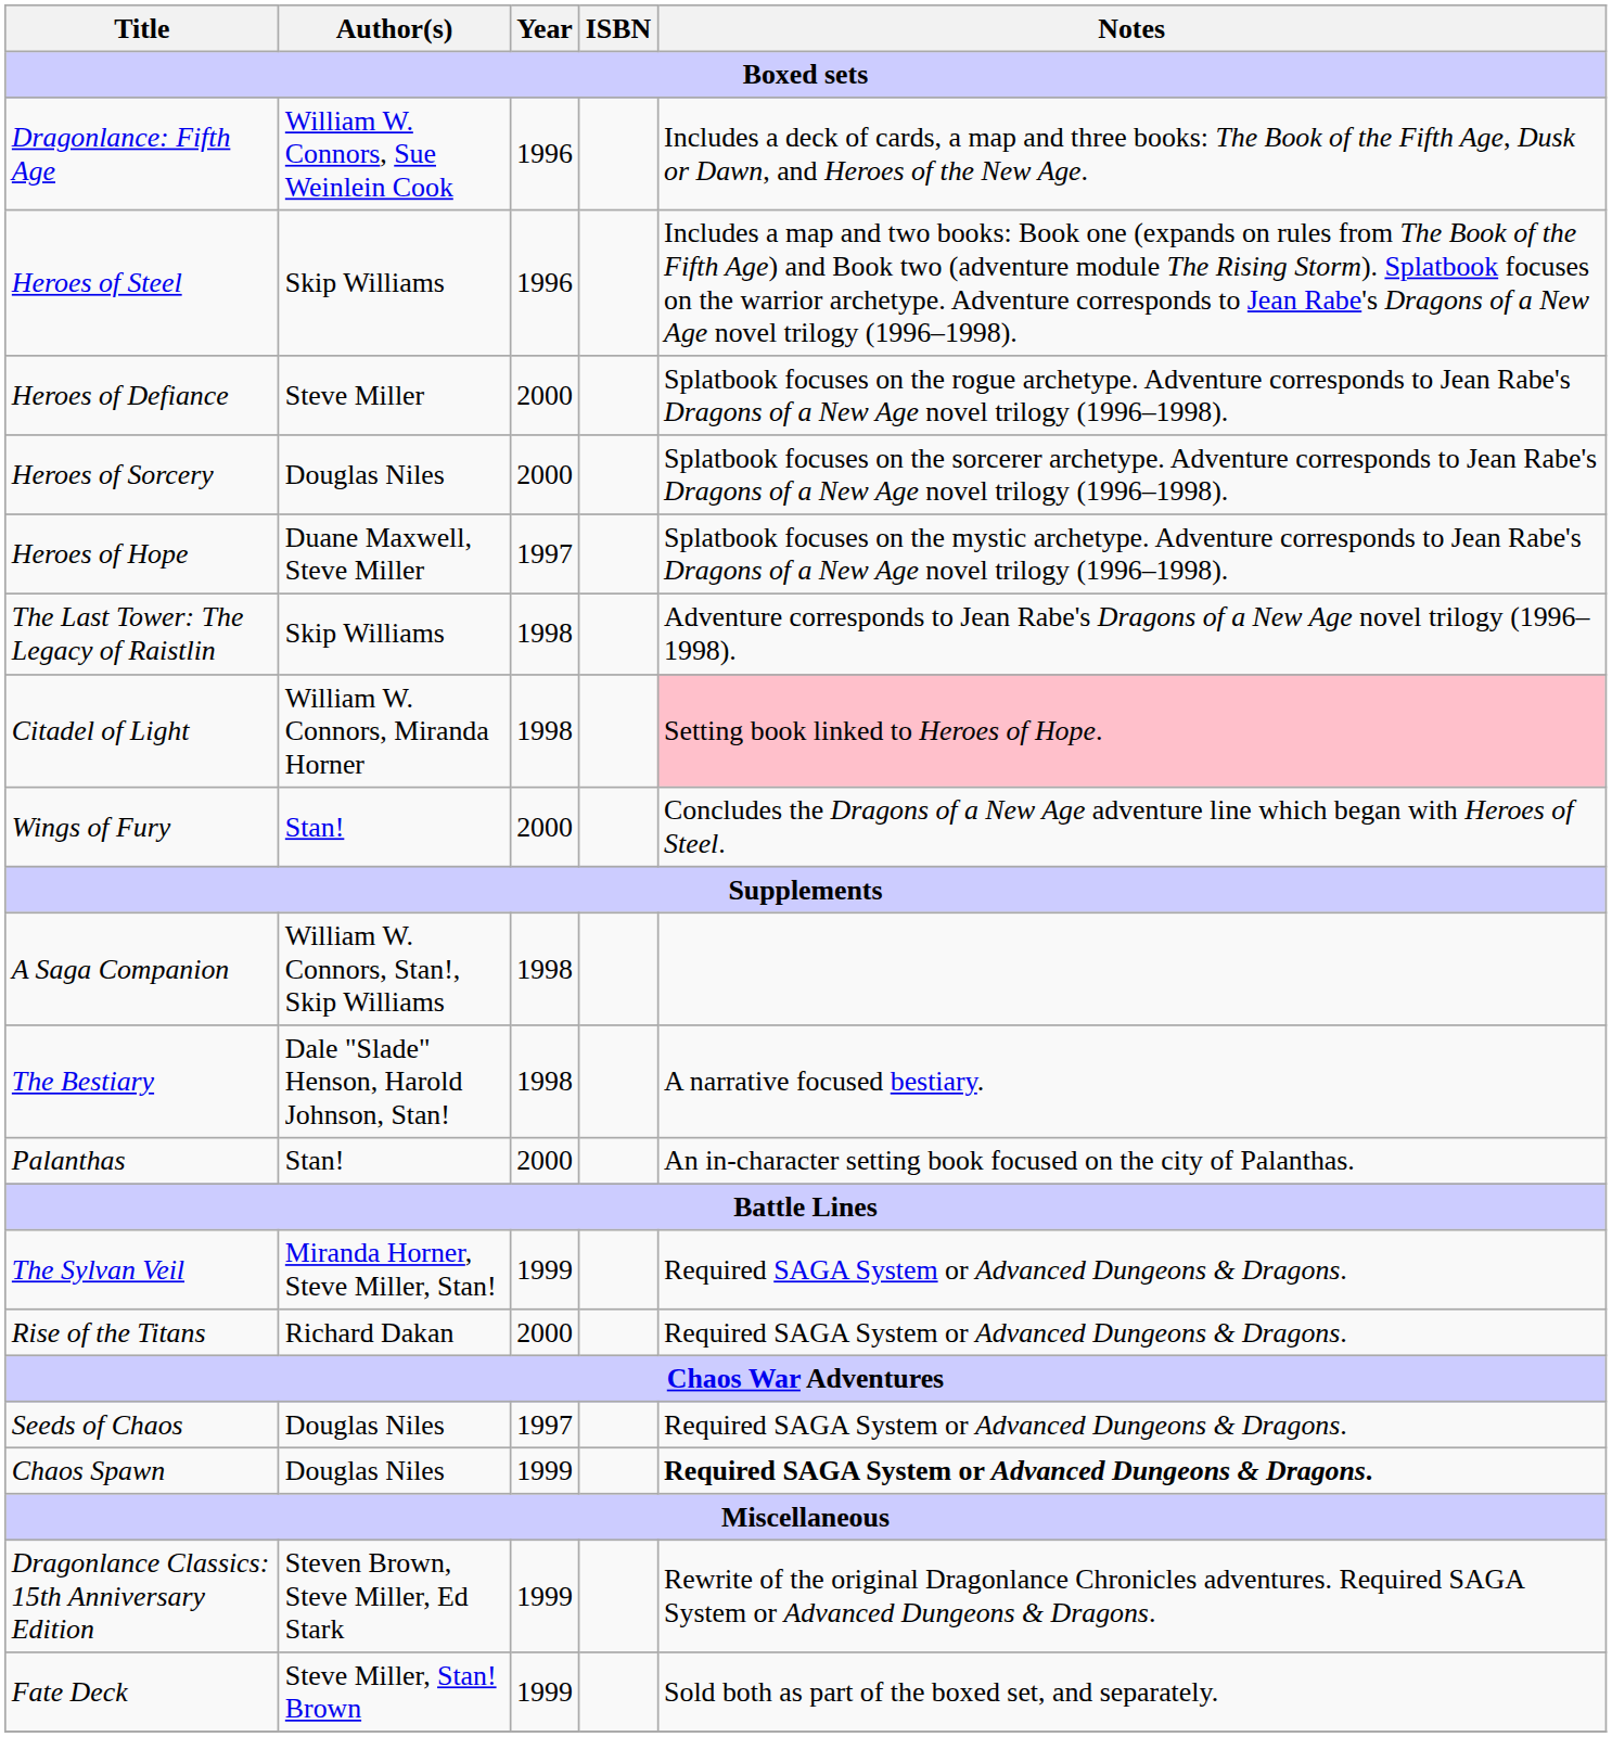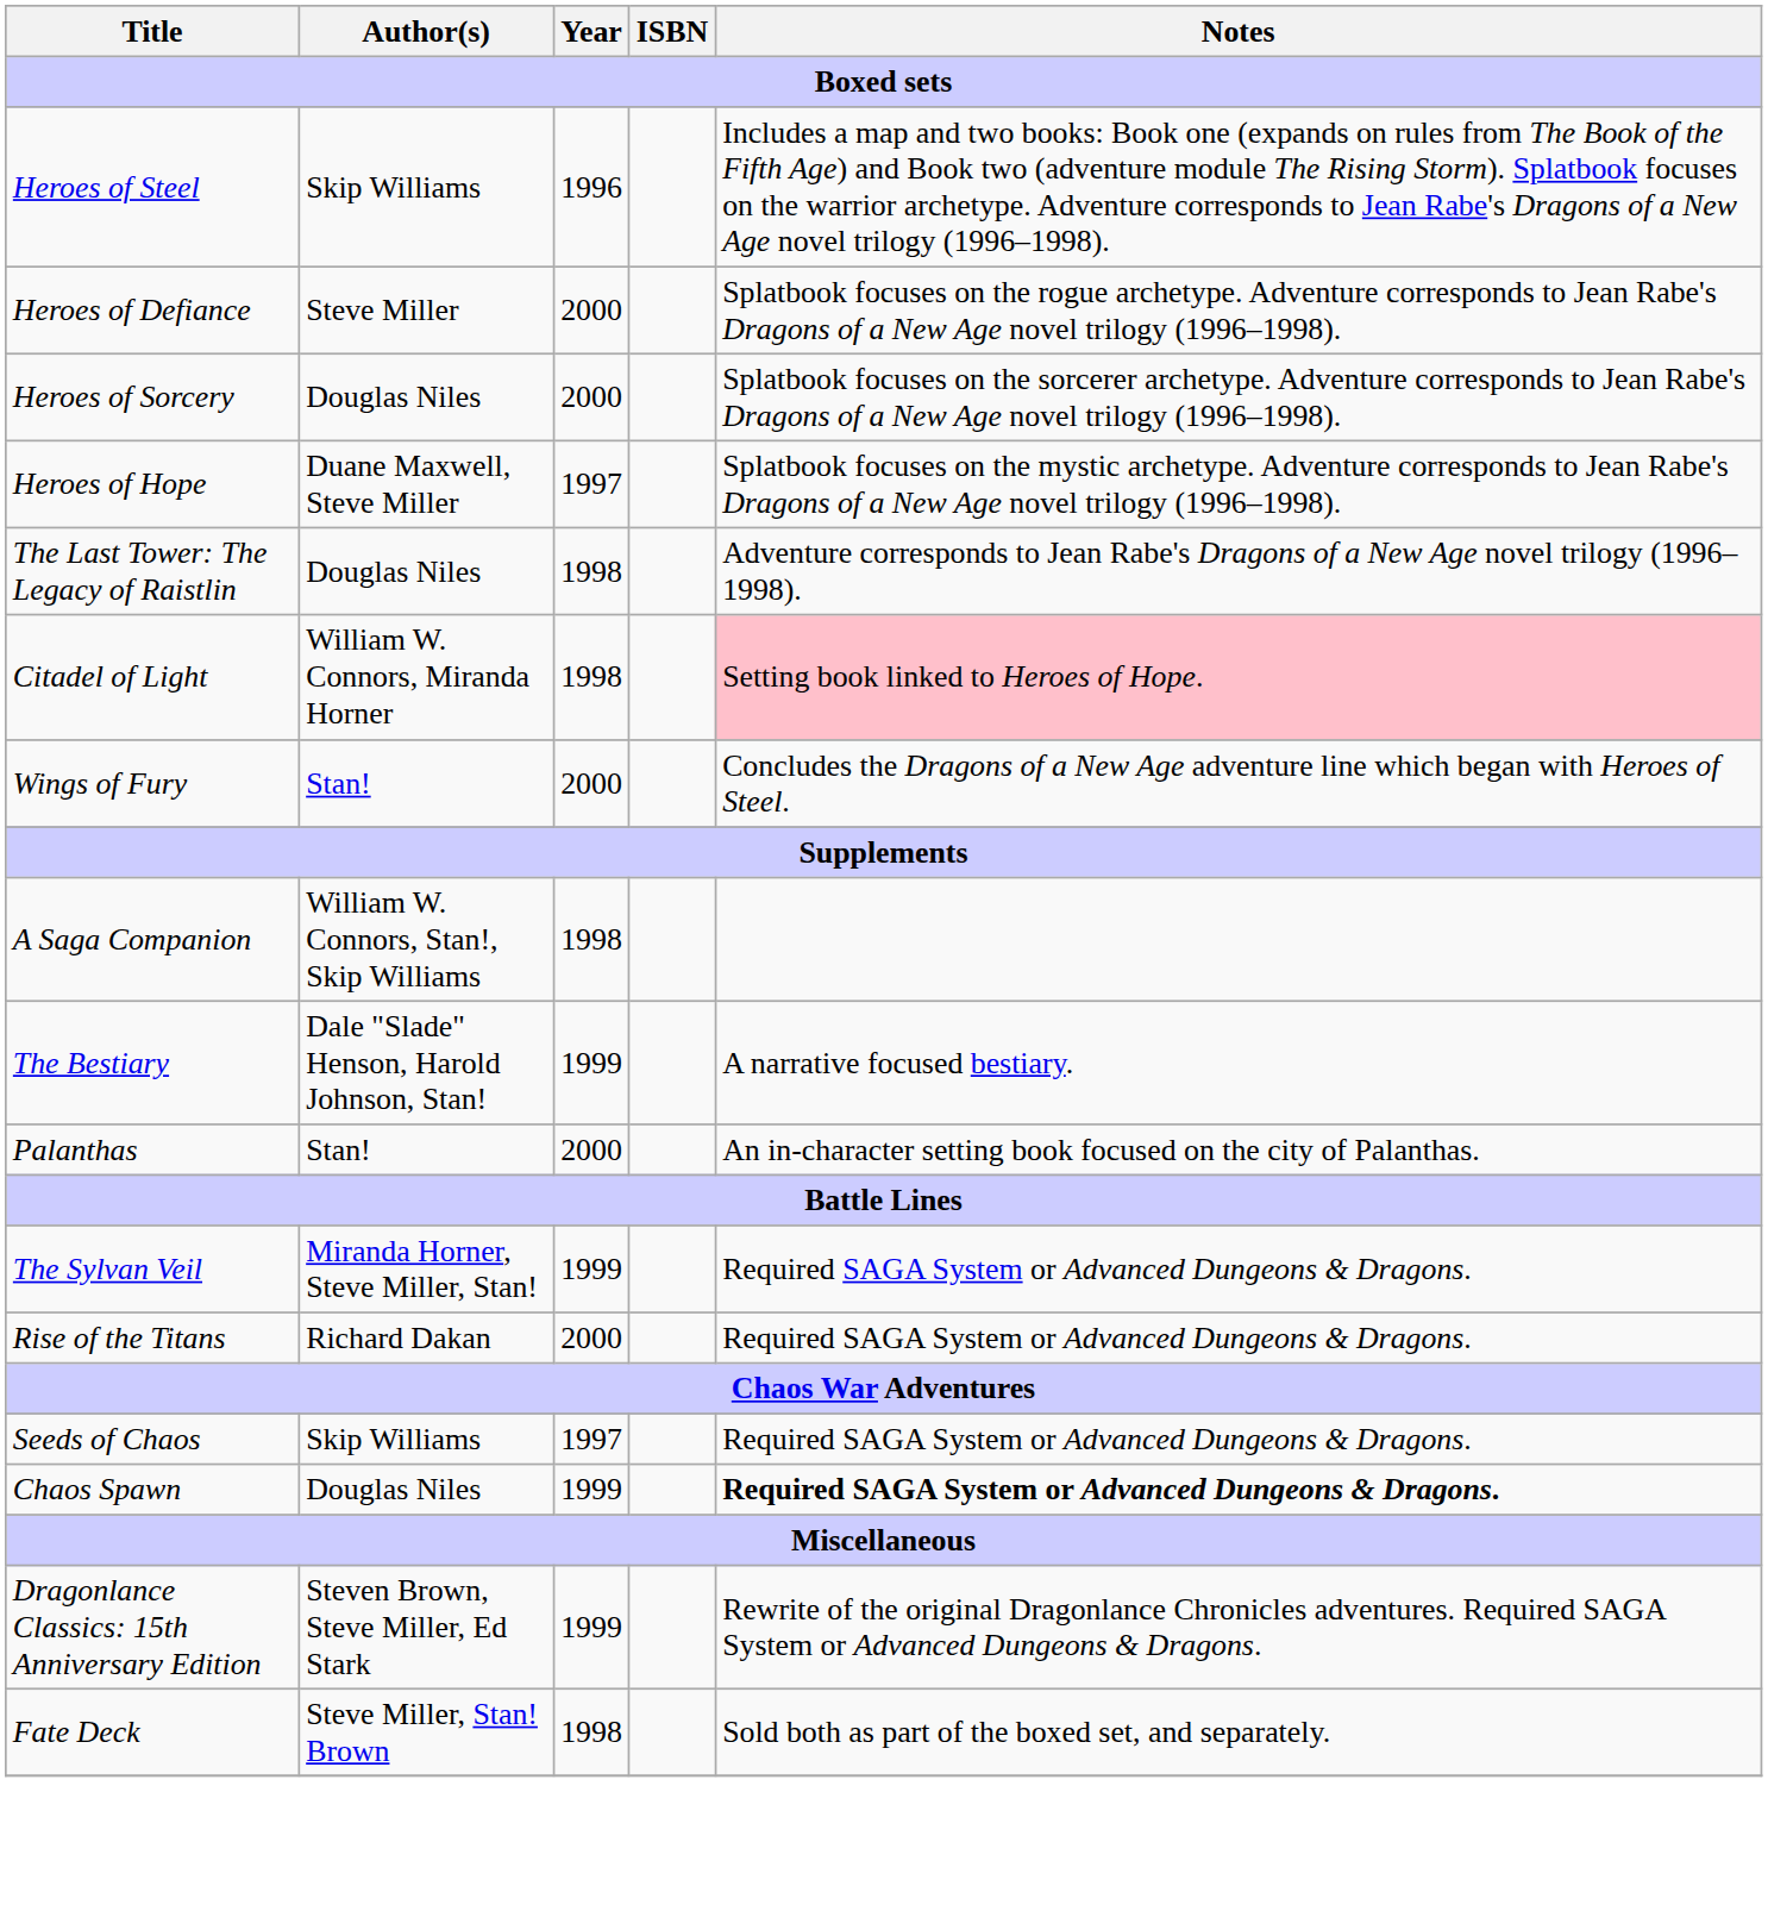 <table class="wikitable sortable" style="margins:auto; width=95%; font-size: 95%;">
 <tr>
 <th>Title</th>
 <th>Author(s)</th>
 <th>Year</th>
 <th>ISBN</th>
 <th>Notes</th>
 </tr>
 <tr>
 <th colspan="5" style="background-color:#ccccff;">Boxed sets</th>
-</tr>
-<tr>
-<td><em><a href='#'>Dragonlance: Fifth Age</a></em></td>
-<td><a href='#'>William W. Connors</a>, <a href='#'>Sue Weinlein Cook</a></td>
-<td>1996</td>
-<td></td>
-<td>Includes a deck of cards, a map and three books: <em>The Book of the Fifth Age</em>, <em>Dusk or Dawn</em>, and <em>Heroes of the New Age</em>.</td>
 </tr>
 <tr>
 <td><em><a href='#'>Heroes of Steel</a></em></td>
 <td>Skip Williams</td>
 <td>1996</td>
 <td></td>
 <td>Includes a map and two books: Book one (expands on rules from <em>The Book of the Fifth Age</em>) and Book two (adventure module <em>The Rising Storm</em>). <a href='#'>Splatbook</a> focuses on the warrior archetype. Adventure corresponds to <a href='#'>Jean Rabe</a>'s <em>Dragons of a New Age</em> novel trilogy (1996–1998).</td>
 </tr>
 <tr>
 <td><em>Heroes of Defiance</em></td>
 <td>Steve Miller</td>
 <td>2000</td>
 <td></td>
 <td>Splatbook focuses on the rogue archetype. Adventure corresponds to Jean Rabe's <em>Dragons of a New Age</em> novel trilogy (1996–1998).</td>
 </tr>
 <tr>
 <td><em>Heroes of Sorcery</em></td>
 <td>Douglas Niles</td>
 <td>2000</td>
 <td></td>
 <td>Splatbook focuses on the sorcerer archetype. Adventure corresponds to Jean Rabe's <em>Dragons of a New Age</em> novel trilogy (1996–1998).</td>
 </tr>
 <tr>
 <td><em>Heroes of Hope</em></td>
 <td>Duane Maxwell, Steve Miller</td>
 <td>1997</td>
 <td></td>
 <td>Splatbook focuses on the mystic archetype. Adventure corresponds to Jean Rabe's <em>Dragons of a New Age</em> novel trilogy (1996–1998).</td>
 </tr>
 <tr>
 <td><em>The Last Tower: The Legacy of Raistlin</em></td>
-<td>Skip Williams</td>
+<td>Douglas Niles</td>
 <td>1998</td>
 <td></td>
 <td>Adventure corresponds to Jean Rabe's <em>Dragons of a New Age</em> novel trilogy (1996–1998).</td>
 </tr>
 <tr>
 <td><em>Citadel of Light</em></td>
 <td>William W. Connors, Miranda Horner</td>
 <td>1998</td>
 <td></td>
 <td style="background: pink;">Setting book linked to <em>Heroes of Hope</em>.</td>
 </tr>
 <tr>
 <td><em>Wings of Fury</em></td>
 <td><a href='#'>Stan!</a></td>
 <td>2000</td>
 <td></td>
 <td>Concludes the <em>Dragons of a New Age</em> adventure line which began with <em>Heroes of Steel</em>.</td>
 </tr>
 <tr>
 <th colspan="5" style="background-color:#ccccff;">Supplements</th>
 </tr>
 <tr>
 <td><em>A Saga Companion</em></td>
 <td>William W. Connors, Stan!, Skip Williams</td>
 <td>1998</td>
 <td></td>
 <td></td>
 </tr>
 <tr>
 <td><em><a href='#'>The Bestiary</a></em></td>
 <td>Dale "Slade" Henson, Harold Johnson, Stan!</td>
-<td>1998</td>
+<td>1999</td>
 <td></td>
 <td>A narrative focused <a href='#'>bestiary</a>.</td>
 </tr>
 <tr>
 <td><em>Palanthas</em></td>
 <td>Stan!</td>
 <td>2000</td>
 <td></td>
 <td>An in-character setting book focused on the city of Palanthas.</td>
 </tr>
 <tr>
 <th colspan="5" style="background-color:#ccccff;">Battle Lines</th>
 </tr>
 <tr>
 <td><em><a href='#'>The Sylvan Veil</a></em></td>
 <td><a href='#'>Miranda Horner</a>, Steve Miller, Stan!</td>
 <td>1999</td>
 <td></td>
 <td>Required <a href='#'>SAGA System</a> or <em>Advanced Dungeons & Dragons</em>.</td>
 </tr>
 <tr>
 <td><em>Rise of the Titans</em></td>
 <td>Richard Dakan</td>
 <td>2000</td>
 <td></td>
 <td>Required SAGA System or <em>Advanced Dungeons & Dragons</em>.</td>
 </tr>
 <tr>
 <th colspan="5" style="background-color:#ccccff;"><a href='#'>Chaos War</a> Adventures</th>
 </tr>
 <tr>
 <td><em>Seeds of Chaos</em></td>
-<td>Douglas Niles</td>
+<td>Skip Williams</td>
 <td>1997</td>
 <td></td>
 <td>Required SAGA System or <em>Advanced Dungeons & Dragons</em>.</td>
 </tr>
 <tr>
 <td><em>Chaos Spawn</em></td>
 <td>Douglas Niles</td>
 <td>1999</td>
 <td></td>
 <td><strong>Required SAGA System or <em>Advanced Dungeons & Dragons</em>.</strong></td>
 </tr>
 <tr>
 <th colspan="5" style="background-color:#ccccff;">Miscellaneous</th>
 </tr>
 <tr>
 <td><em>Dragonlance Classics: 15th Anniversary Edition</em></td>
 <td>Steven Brown, Steve Miller, Ed Stark</td>
 <td>1999</td>
 <td></td>
 <td>Rewrite of the original Dragonlance Chronicles adventures. Required SAGA System or <em>Advanced Dungeons & Dragons</em>.</td>
 </tr>
 <tr>
 <td><em>Fate Deck</em></td>
 <td>Steve Miller, <a href='#'>Stan! Brown</a></td>
-<td>1999</td>
+<td>1998</td>
 <td></td>
 <td>Sold both as part of the boxed set, and separately.</td>
 </tr>
 <tr>
 </tr>
 </table>
